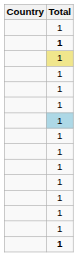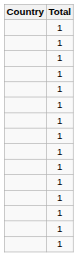 <table class="sortable wikitable">
 <tr>
 <th>Country</th>
 <th>Total</th>
-</tr>
-<tr>
-<td></td>
-<td align=center>1</td>
-</tr>
-<tr>
-<td></td>
-<td align=center><strong>1</strong></td>
-</tr>
-<tr>
-<td></td>
-<td align=center style="background: khaki;">1</td>
-</tr>
-<tr>
-<td></td>
-<td align=center>1</td>
-</tr>
-<tr>
-<td></td>
-<td align=center>1</td>
-</tr>
-<tr>
-<td></td>
-<td align=center>1</td>
-</tr>
-<tr>
-<td></td>
-<td align=center style="background: lightblue;">1</td>
 </tr>
 <tr>
 <td></td>
 <td align=center>1</td>
 </tr>
 <tr>
 <td></td>
 <td align=center>1</td>
 </tr>
 <tr>
 <td></td>
 <td align=center>1</td>
 </tr>
 <tr>
 <td></td>
 <td align=center>1</td>
 </tr>
 <tr>
 <td></td>
 <td align=center>1</td>
 </tr>
 <tr>
 <td></td>
 <td align=center>1</td>
 </tr>
 <tr>
 <td></td>
 <td align=center>1</td>
 </tr>
 <tr>
 <td></td>
-<td align=center><strong>1</strong></td>
+<td align=center>1</td>
+</tr>
+<tr>
+<td></td>
+<td align=center>1</td>
+</tr>
+<tr>
+<td></td>
+<td align=center>1</td>
+</tr>
+<tr>
+<td></td>
+<td align=center>1</td>
+</tr>
+<tr>
+<td></td>
+<td align=center>1</td>
+</tr>
+<tr>
+<td></td>
+<td align=center>1</td>
+</tr>
+<tr>
+<td></td>
+<td align=center>1</td>
+</tr>
+<tr>
+<td></td>
+<td align=center>1</td>
 </tr>
 </table>
